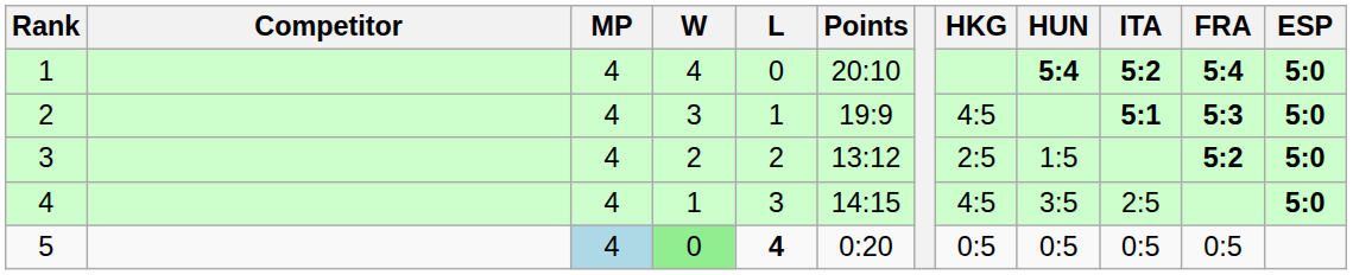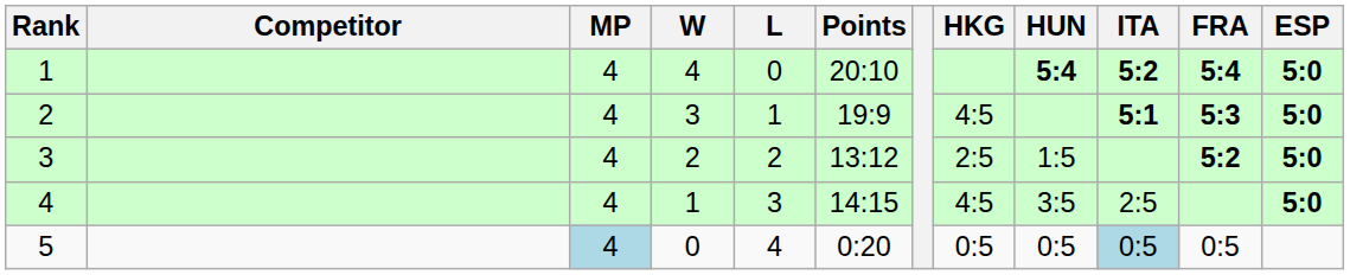 <table class="wikitable" style="text-align:center">
 <tr>
 <th>Rank</th>
 <th style="width:17em">Competitor</th>
 <th style="width:2.5em">MP</th>
 <th style="width:2.5em">W</th>
 <th style="width:2.5em">L</th>
 <th>Points</th>
 <th rowspan="6"> </th>
 <th style="width:2.5em">HKG</th>
 <th style="width:2.5em">HUN</th>
 <th style="width:2.5em">ITA</th>
 <th style="width:2.5em">FRA</th>
 <th style="width:2.5em">ESP</th>
 </tr>
 <tr style="background:#cfc;">
 <td>1</td>
 <td style="text-align:left"></td>
 <td>4</td>
 <td>4</td>
 <td>0</td>
 <td>20:10</td>
 <td></td>
 <td><strong>5:4</strong></td>
 <td><strong>5:2</strong></td>
 <td><strong>5:4</strong></td>
 <td><strong>5:0</strong></td>
 </tr>
 <tr style="background:#cfc;">
 <td>2</td>
 <td style="text-align:left"></td>
 <td>4</td>
 <td>3</td>
 <td>1</td>
 <td>19:9</td>
 <td>4:5</td>
 <td></td>
 <td><strong>5:1</strong></td>
 <td><strong>5:3</strong></td>
 <td><strong>5:0</strong></td>
 </tr>
 <tr style="background:#cfc;">
 <td>3</td>
 <td style="text-align:left"></td>
 <td>4</td>
 <td>2</td>
 <td>2</td>
 <td>13:12</td>
 <td>2:5</td>
 <td>1:5</td>
 <td></td>
 <td><strong>5:2</strong></td>
 <td><strong>5:0</strong></td>
 </tr>
 <tr style="background:#cfc;">
 <td>4</td>
 <td style="text-align:left"></td>
 <td>4</td>
 <td>1</td>
 <td>3</td>
 <td>14:15</td>
 <td>4:5</td>
 <td>3:5</td>
 <td>2:5</td>
 <td></td>
 <td><strong>5:0</strong></td>
 </tr>
 <tr>
 <td>5</td>
 <td style="text-align:left"></td>
 <td style="background: lightblue;">4</td>
-<td style="background: lightgreen;">0</td>
-<td><strong>4</strong></td>
+<td>0</td>
+<td>4</td>
 <td>0:20</td>
 <td>0:5</td>
 <td>0:5</td>
-<td>0:5</td>
+<td style="background: lightblue;">0:5</td>
 <td>0:5</td>
 <td></td>
 </tr>
 </table>
